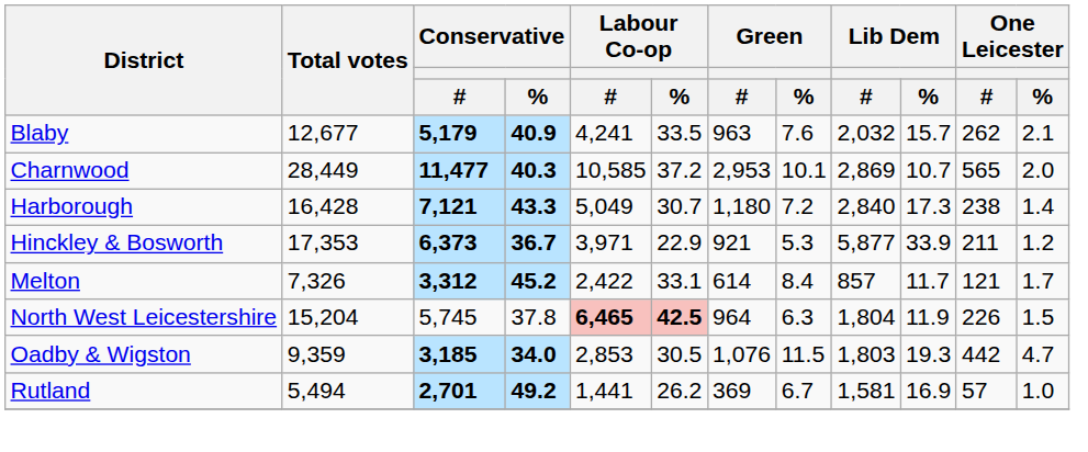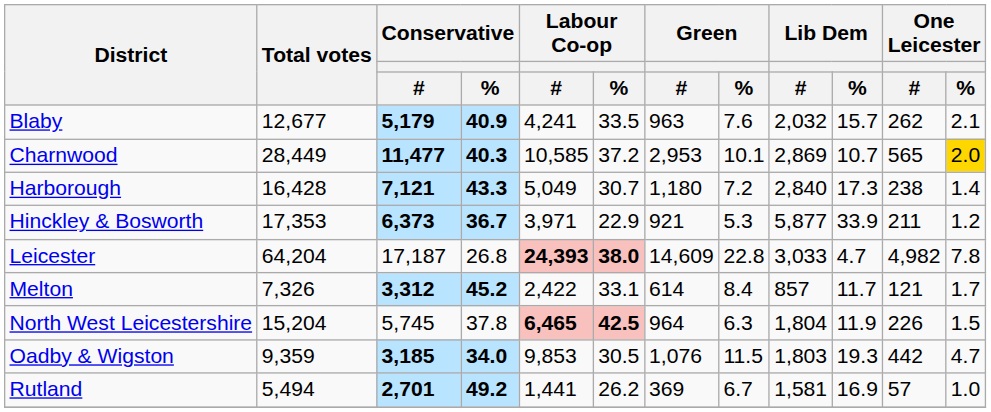 <table class="wikitable sortable">
 <tr>
 <th rowspan=3>District</th>
 <th rowspan=3>Total votes</th>
 <th colspan="2">Conservative</th>
 <th colspan="2">Labour<br>Co-op</th>
 <th colspan="2">Green</th>
 <th colspan="2">Lib Dem</th>
 <th colspan="2">One<br>Leicester</th>
 </tr>
 <tr>
 <th colspan="2" style="background:"></th>
 <th colspan="2" style="background:"></th>
 <th colspan="2" style="background:"></th>
 <th colspan="2" style="background:"></th>
 <th colspan="2" style="background:"></th>
 </tr>
 <tr>
 <th>#</th>
 <th>%</th>
 <th>#</th>
 <th>%</th>
 <th>#</th>
 <th>%</th>
 <th>#</th>
 <th>%</th>
 <th>#</th>
 <th>%</th>
 </tr>
 <tr>
 <td><a href='#'>Blaby</a></td>
 <td>12,677</td>
 <td style="background:#B9E4FF;"><strong>5,179</strong></td>
 <td style="background:#B9E4FF;"><strong>40.9</strong></td>
 <td>4,241</td>
 <td>33.5</td>
 <td>963</td>
 <td>7.6</td>
 <td>2,032</td>
 <td>15.7</td>
 <td>262</td>
 <td>2.1</td>
 </tr>
 <tr>
 <td><a href='#'>Charnwood</a></td>
 <td>28,449</td>
 <td style="background:#B9E4FF;"><strong>11,477</strong></td>
 <td style="background:#B9E4FF;"><strong>40.3</strong></td>
 <td>10,585</td>
 <td>37.2</td>
 <td>2,953</td>
 <td>10.1</td>
 <td>2,869</td>
 <td>10.7</td>
 <td>565</td>
-<td>2.0</td>
+<td style="background: gold;">2.0</td>
 </tr>
 <tr>
 <td><a href='#'>Harborough</a></td>
 <td>16,428</td>
 <td style="background:#B9E4FF;"><strong>7,121</strong></td>
 <td style="background:#B9E4FF;"><strong>43.3</strong></td>
 <td>5,049</td>
 <td>30.7</td>
 <td>1,180</td>
 <td>7.2</td>
 <td>2,840</td>
 <td>17.3</td>
 <td>238</td>
 <td>1.4</td>
 </tr>
 <tr>
 <td><a href='#'>Hinckley & Bosworth</a></td>
 <td>17,353</td>
 <td style="background:#B9E4FF;"><strong>6,373</strong></td>
 <td style="background:#B9E4FF;"><strong>36.7</strong></td>
 <td>3,971</td>
 <td>22.9</td>
 <td>921</td>
 <td>5.3</td>
 <td>5,877</td>
 <td>33.9</td>
 <td>211</td>
 <td>1.2</td>
+</tr>
+<tr>
+<td><a href='#'>Leicester</a></td>
+<td>64,204</td>
+<td>17,187</td>
+<td>26.8</td>
+<td style="background:#F8C1BE;"><strong>24,393</strong></td>
+<td style="background:#F8C1BE;"><strong>38.0</strong></td>
+<td>14,609</td>
+<td>22.8</td>
+<td>3,033</td>
+<td>4.7</td>
+<td>4,982</td>
+<td>7.8</td>
 </tr>
 <tr>
 <td><a href='#'>Melton</a></td>
 <td>7,326</td>
 <td style="background:#B9E4FF;"><strong>3,312</strong></td>
 <td style="background:#B9E4FF;"><strong>45.2</strong></td>
 <td>2,422</td>
 <td>33.1</td>
 <td>614</td>
 <td>8.4</td>
 <td>857</td>
 <td>11.7</td>
 <td>121</td>
 <td>1.7</td>
 </tr>
 <tr>
 <td><a href='#'>North West Leicestershire</a></td>
 <td>15,204</td>
 <td>5,745</td>
 <td>37.8</td>
 <td style="background:#F8C1BE;"><strong>6,465</strong></td>
 <td style="background:#F8C1BE;"><strong>42.5</strong></td>
 <td>964</td>
 <td>6.3</td>
 <td>1,804</td>
 <td>11.9</td>
 <td>226</td>
 <td>1.5</td>
 </tr>
 <tr>
 <td><a href='#'>Oadby & Wigston</a></td>
 <td>9,359</td>
 <td style="background:#B9E4FF;"><strong>3,185</strong></td>
 <td style="background:#B9E4FF;"><strong>34.0</strong></td>
-<td>2,853</td>
+<td>9,853</td>
 <td>30.5</td>
 <td>1,076</td>
 <td>11.5</td>
 <td>1,803</td>
 <td>19.3</td>
 <td>442</td>
 <td>4.7</td>
 </tr>
 <tr>
 <td><a href='#'>Rutland</a></td>
 <td>5,494</td>
 <td style="background:#B9E4FF;"><strong>2,701</strong></td>
 <td style="background:#B9E4FF;"><strong>49.2</strong></td>
 <td>1,441</td>
 <td>26.2</td>
 <td>369</td>
 <td>6.7</td>
 <td>1,581</td>
 <td>16.9</td>
 <td>57</td>
 <td>1.0</td>
 </tr>
 <tr>
 </tr>
 </table>
